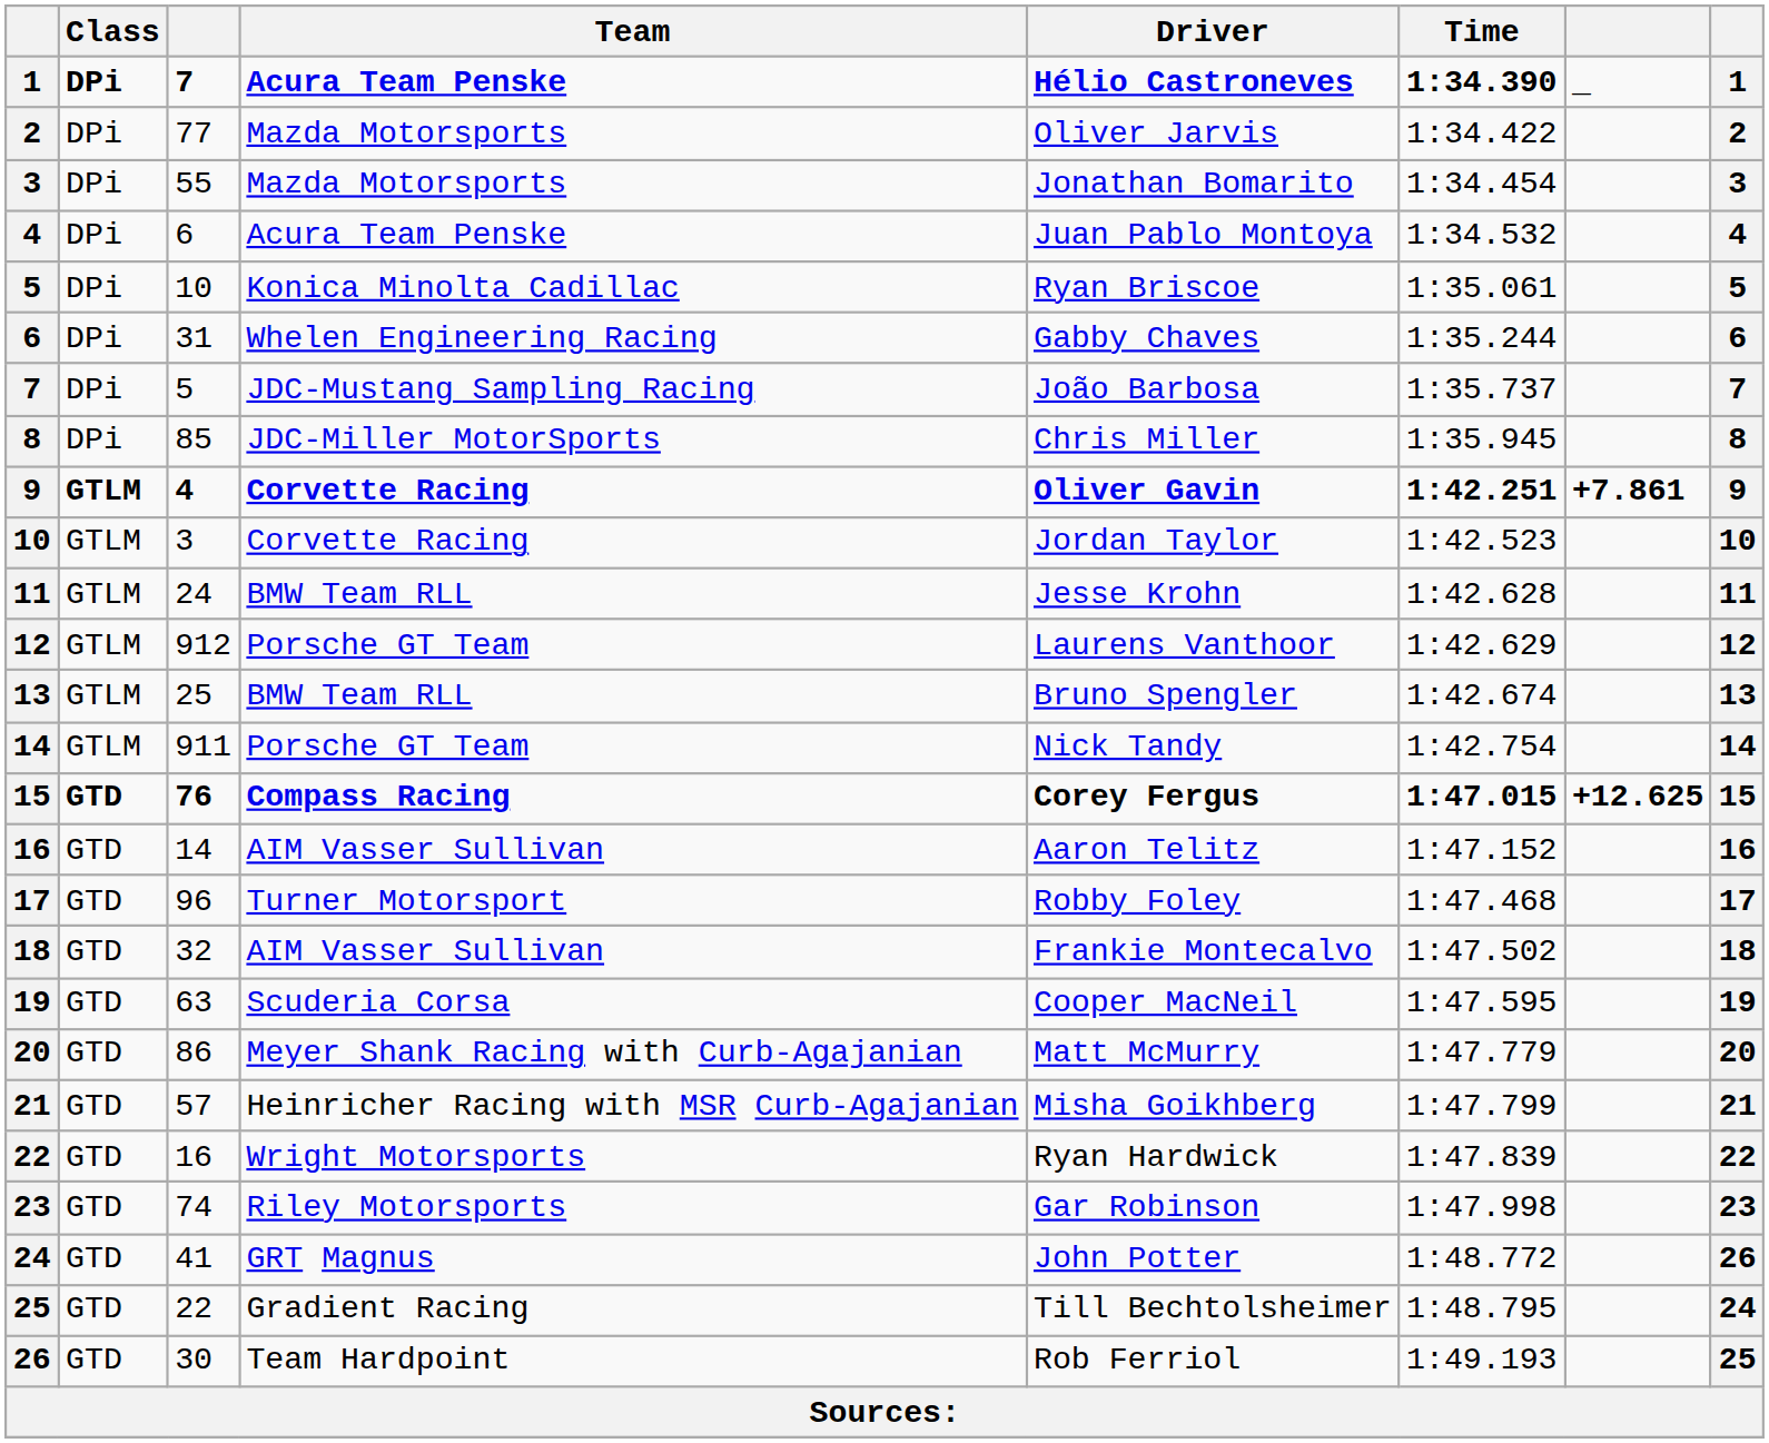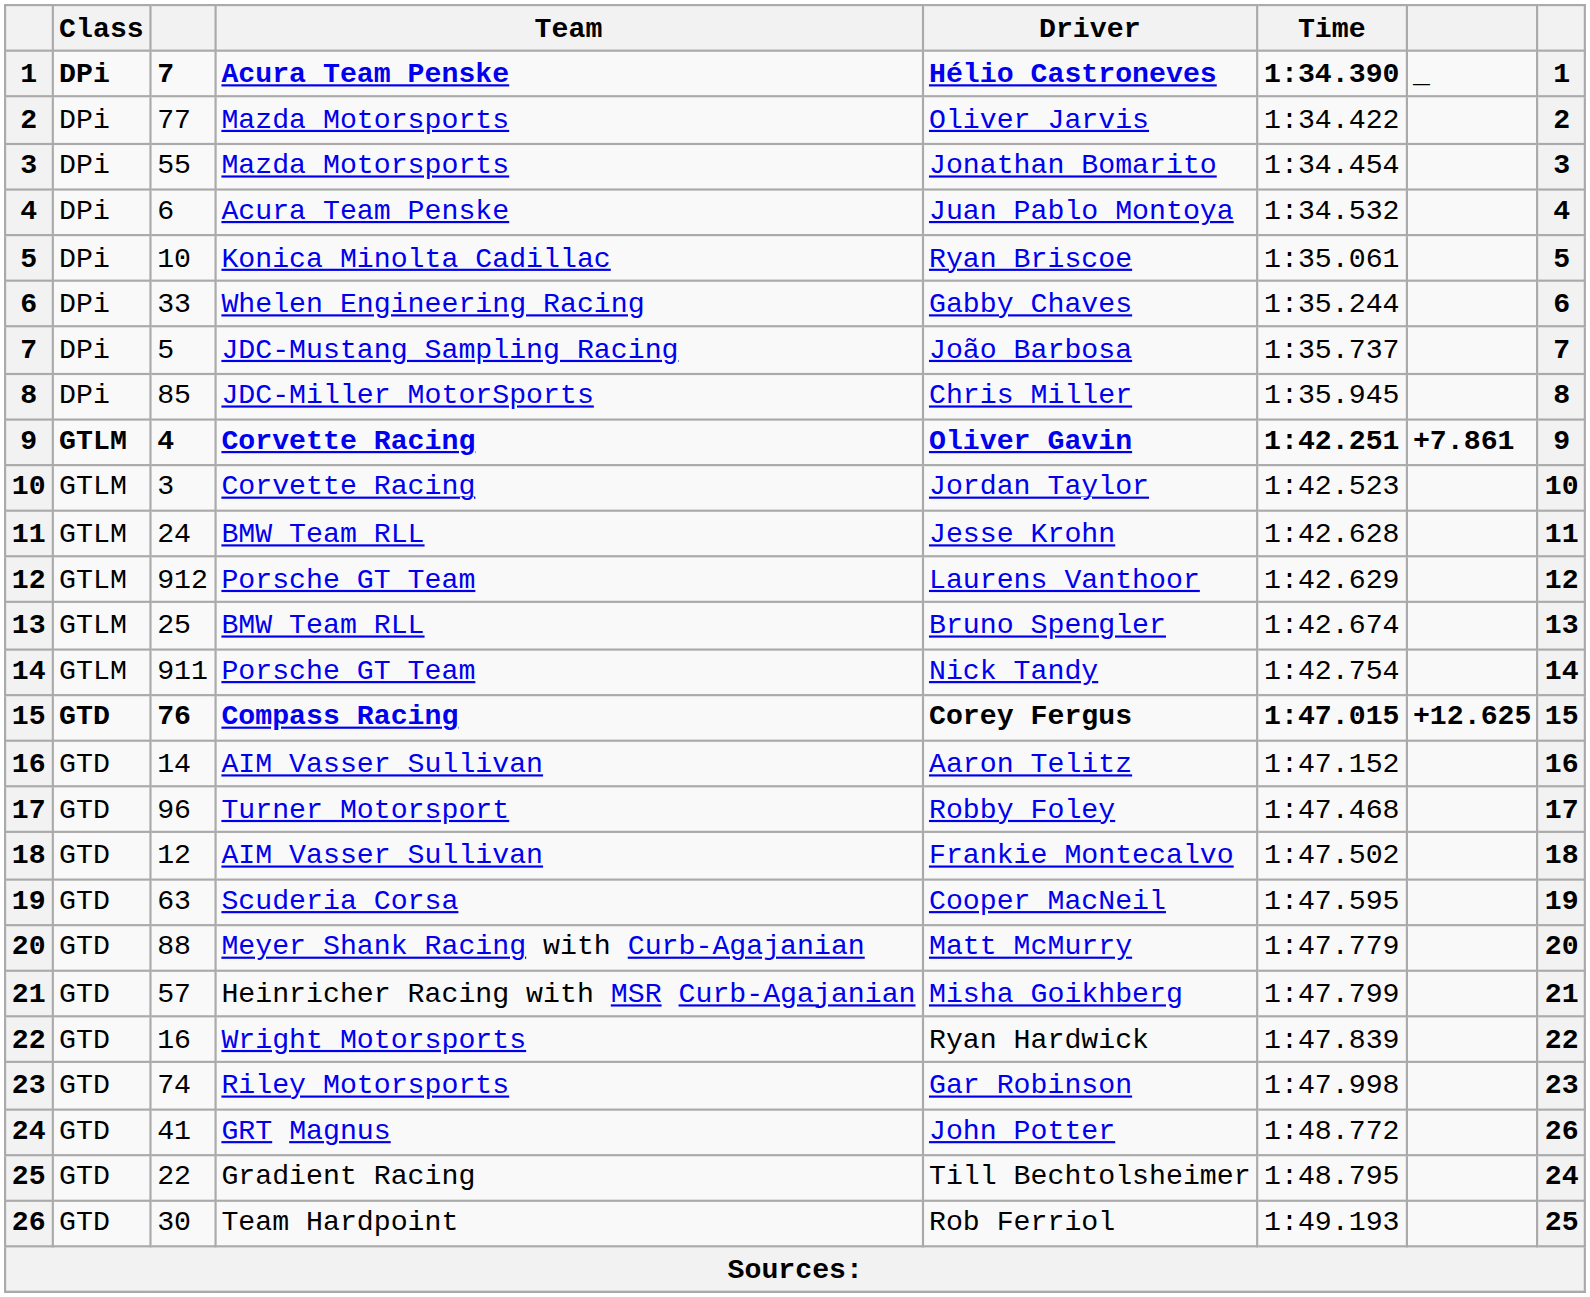 <table class="wikitable">
 <tr>
 <th scope="col"></th>
 <th scope="col">Class</th>
 <th scope="col"></th>
 <th scope="col">Team</th>
 <th scope="col">Driver</th>
 <th scope="col">Time</th>
 <th scope="col"></th>
 <th scope="col"></th>
 </tr>
 <tr style="font-weight:bold">
 <th scope="row">1</th>
 <td>DPi</td>
 <td>7</td>
 <td> <a href='#'>Acura Team Penske</a></td>
 <td> <a href='#'>Hélio Castroneves</a></td>
 <td>1:34.390</td>
 <td>_</td>
 <th>1</th>
 </tr>
 <tr>
 <th scope="row">2</th>
 <td>DPi</td>
 <td>77</td>
 <td> <a href='#'>Mazda Motorsports</a></td>
 <td> <a href='#'>Oliver Jarvis</a></td>
 <td>1:34.422</td>
 <td></td>
 <th>2</th>
 </tr>
 <tr>
 <th scope="row">3</th>
 <td>DPi</td>
 <td>55</td>
 <td> <a href='#'>Mazda Motorsports</a></td>
 <td> <a href='#'>Jonathan Bomarito</a></td>
 <td>1:34.454</td>
 <td></td>
 <th>3</th>
 </tr>
 <tr>
 <th scope="row">4</th>
 <td>DPi</td>
 <td>6</td>
 <td> <a href='#'>Acura Team Penske</a></td>
 <td> <a href='#'>Juan Pablo Montoya</a></td>
 <td>1:34.532</td>
 <td></td>
 <th>4</th>
 </tr>
 <tr>
 <th scope="row">5</th>
 <td>DPi</td>
 <td>10</td>
 <td><a href='#'>Konica Minolta Cadillac</a></td>
 <td> <a href='#'>Ryan Briscoe</a></td>
 <td>1:35.061</td>
 <td></td>
 <th>5</th>
 </tr>
 <tr>
 <th scope="row">6</th>
 <td>DPi</td>
-<td>31</td>
+<td>33</td>
 <td> <a href='#'>Whelen Engineering Racing</a></td>
 <td> <a href='#'>Gabby Chaves</a></td>
 <td>1:35.244</td>
 <td></td>
 <th>6</th>
 </tr>
 <tr>
 <th scope="row">7</th>
 <td>DPi</td>
 <td>5</td>
 <td> <a href='#'>JDC-Mustang Sampling Racing</a></td>
 <td> <a href='#'>João Barbosa</a></td>
 <td>1:35.737</td>
 <td></td>
 <th>7</th>
 </tr>
 <tr>
 <th scope="row">8</th>
 <td>DPi</td>
 <td>85</td>
 <td> <a href='#'>JDC-Miller MotorSports</a></td>
 <td> <a href='#'>Chris Miller</a></td>
 <td>1:35.945</td>
 <td></td>
 <th>8</th>
 </tr>
 <tr style="font-weight:bold">
 <th scope="row">9</th>
 <td>GTLM</td>
 <td>4</td>
 <td> <a href='#'>Corvette Racing</a></td>
 <td> <a href='#'>Oliver Gavin</a></td>
 <td>1:42.251</td>
 <td>+7.861</td>
 <th>9</th>
 </tr>
 <tr>
 <th scope="row">10</th>
 <td>GTLM</td>
 <td>3</td>
 <td> <a href='#'>Corvette Racing</a></td>
 <td> <a href='#'>Jordan Taylor</a></td>
 <td>1:42.523</td>
 <td></td>
 <th>10</th>
 </tr>
 <tr>
 <th scope="row">11</th>
 <td>GTLM</td>
 <td>24</td>
 <td> <a href='#'>BMW Team RLL</a></td>
 <td> <a href='#'>Jesse Krohn</a></td>
 <td>1:42.628</td>
 <td></td>
 <th>11</th>
 </tr>
 <tr>
 <th scope="row">12</th>
 <td>GTLM</td>
 <td>912</td>
 <td> <a href='#'>Porsche GT Team</a></td>
 <td> <a href='#'>Laurens Vanthoor</a></td>
 <td>1:42.629</td>
 <td></td>
 <th>12</th>
 </tr>
 <tr>
 <th scope="row">13</th>
 <td>GTLM</td>
 <td>25</td>
 <td> <a href='#'>BMW Team RLL</a></td>
 <td> <a href='#'>Bruno Spengler</a></td>
 <td>1:42.674</td>
 <td></td>
 <th>13</th>
 </tr>
 <tr>
 <th scope="row">14</th>
 <td>GTLM</td>
 <td>911</td>
 <td> <a href='#'>Porsche GT Team</a></td>
 <td> <a href='#'>Nick Tandy</a></td>
 <td>1:42.754</td>
 <td></td>
 <th>14</th>
 </tr>
 <tr style="font-weight:bold">
 <th scope="row">15</th>
 <td>GTD</td>
 <td>76</td>
 <td> <a href='#'>Compass Racing</a></td>
 <td> Corey Fergus</td>
 <td>1:47.015</td>
 <td>+12.625</td>
 <th>15</th>
 </tr>
 <tr>
 <th scope="row">16</th>
 <td>GTD</td>
 <td>14</td>
 <td> <a href='#'>AIM Vasser Sullivan</a></td>
 <td> <a href='#'>Aaron Telitz</a></td>
 <td>1:47.152</td>
 <td></td>
 <th>16</th>
 </tr>
 <tr>
 <th scope="row">17</th>
 <td>GTD</td>
 <td>96</td>
 <td> <a href='#'>Turner Motorsport</a></td>
 <td> <a href='#'>Robby Foley</a></td>
 <td>1:47.468</td>
 <td></td>
 <th>17</th>
 </tr>
 <tr>
 <th scope="row">18</th>
 <td>GTD</td>
-<td>32</td>
+<td>12</td>
 <td> <a href='#'>AIM Vasser Sullivan</a></td>
 <td> <a href='#'>Frankie Montecalvo</a></td>
 <td>1:47.502</td>
 <td></td>
 <th>18</th>
 </tr>
 <tr>
 <th scope="row">19</th>
 <td>GTD</td>
 <td>63</td>
 <td> <a href='#'>Scuderia Corsa</a></td>
 <td> <a href='#'>Cooper MacNeil</a></td>
 <td>1:47.595</td>
 <td></td>
 <th>19</th>
 </tr>
 <tr>
 <th scope="row">20</th>
 <td>GTD</td>
-<td>86</td>
+<td>88</td>
 <td> <a href='#'>Meyer Shank Racing</a> with <a href='#'>Curb-Agajanian</a></td>
 <td> <a href='#'>Matt McMurry</a></td>
 <td>1:47.779</td>
 <td></td>
 <th>20</th>
 </tr>
 <tr>
 <th scope="row">21</th>
 <td>GTD</td>
 <td>57</td>
 <td> Heinricher Racing with <a href='#'>MSR</a> <a href='#'>Curb-Agajanian</a></td>
 <td> <a href='#'>Misha Goikhberg</a></td>
 <td>1:47.799</td>
 <td></td>
 <th>21</th>
 </tr>
 <tr>
 <th scope="row">22</th>
 <td>GTD</td>
 <td>16</td>
 <td> <a href='#'>Wright Motorsports</a></td>
 <td> Ryan Hardwick</td>
 <td>1:47.839</td>
 <td></td>
 <th>22</th>
 </tr>
 <tr>
 <th scope="row">23</th>
 <td>GTD</td>
 <td>74</td>
 <td> <a href='#'>Riley Motorsports</a></td>
 <td> <a href='#'>Gar Robinson</a></td>
 <td>1:47.998</td>
 <td></td>
 <th>23</th>
 </tr>
 <tr>
 <th scope="row">24</th>
 <td>GTD</td>
 <td>41</td>
 <td> <a href='#'>GRT</a> <a href='#'>Magnus</a></td>
 <td> <a href='#'>John Potter</a></td>
 <td>1:48.772</td>
 <td></td>
 <th>26</th>
 </tr>
 <tr>
 <th scope="row">25</th>
 <td>GTD</td>
 <td>22</td>
 <td> Gradient Racing</td>
 <td> Till Bechtolsheimer</td>
 <td>1:48.795</td>
 <td></td>
 <th>24</th>
 </tr>
 <tr>
 <th scope="row">26</th>
 <td>GTD</td>
 <td>30</td>
 <td> Team Hardpoint</td>
 <td> Rob Ferriol</td>
 <td>1:49.193</td>
 <td></td>
 <th>25</th>
 </tr>
 <tr>
 <th colspan="8">Sources:</th>
 </tr>
 <tr>
 </tr>
 </table>
